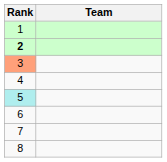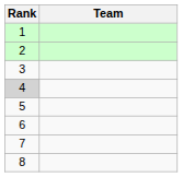 <table class="wikitable" style="text-align: center;">
 <tr>
 <th width=40>Rank</th>
 <th width=180>Team</th>
 </tr>
 <tr bgcolor=ccffcc>
 <td>1</td>
 <td align=left></td>
 </tr>
 <tr bgcolor=ccffcc>
-<td><strong>2</strong></td>
+<td>2</td>
 <td align=left></td>
 </tr>
 <tr>
-<td style="background: lightsalmon;">3</td>
+<td>3</td>
 <td align=left></td>
 </tr>
 <tr>
-<td>4</td>
+<td style="background: lightgrey;">4</td>
 <td align=left></td>
 </tr>
 <tr>
-<td style="background: paleturquoise;">5</td>
+<td>5</td>
 <td align=left></td>
 </tr>
 <tr>
 <td>6</td>
 <td align=left></td>
 </tr>
 <tr>
 <td>7</td>
 <td align=left></td>
 </tr>
 <tr>
 <td>8</td>
 <td align=left></td>
 </tr>
 </table>
